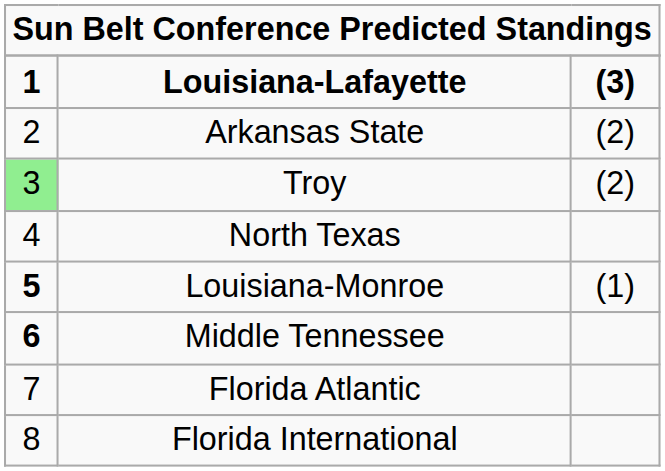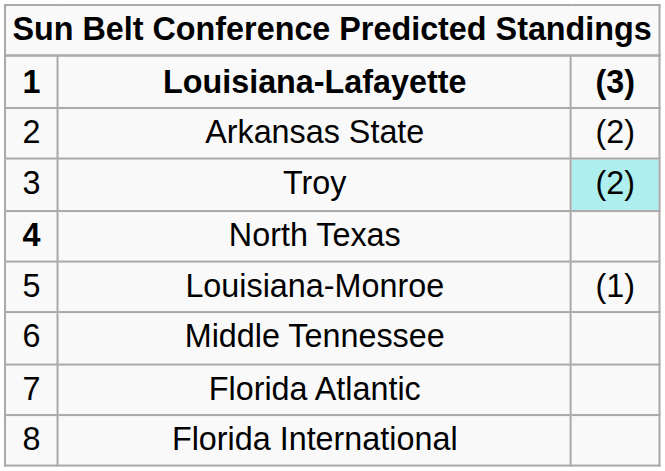 <table class= "wikitable">
 <tr align="center">
 <td align="center" Colspan="3"><strong>Sun Belt Conference Predicted Standings</strong></td>
 </tr>
 <tr align="center">
 </tr>
 <tr align="center">
 <td><strong>1</strong></td>
 <td><strong>Louisiana-Lafayette</strong></td>
 <td><strong>(3)</strong></td>
 </tr>
 <tr align="center">
 <td>2</td>
 <td>Arkansas State</td>
 <td>(2)</td>
 </tr>
 <tr align="center">
-<td style="background: lightgreen;">3</td>
+<td>3</td>
 <td>Troy</td>
-<td>(2)</td>
+<td style="background: paleturquoise;">(2)</td>
 </tr>
 <tr align="center">
-<td>4</td>
+<td><strong>4</strong></td>
 <td>North Texas</td>
 <td></td>
 </tr>
 <tr align="center">
-<td><strong>5</strong></td>
+<td>5</td>
 <td>Louisiana-Monroe</td>
 <td>(1)</td>
 </tr>
 <tr align="center">
-<td><strong>6</strong></td>
+<td>6</td>
 <td>Middle Tennessee</td>
 <td></td>
 </tr>
 <tr align="center">
 <td>7</td>
 <td>Florida Atlantic</td>
 <td></td>
 </tr>
 <tr align="center">
 <td>8</td>
 <td>Florida International</td>
 <td></td>
 </tr>
 </table>
